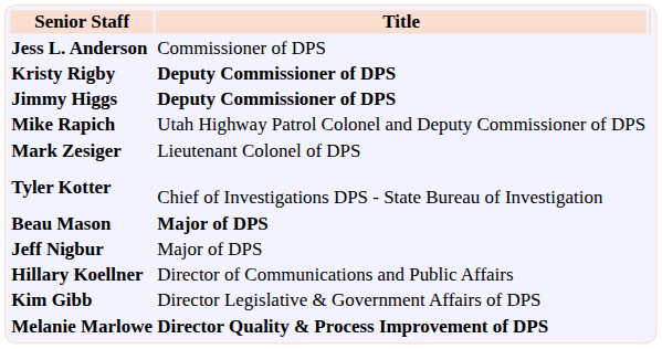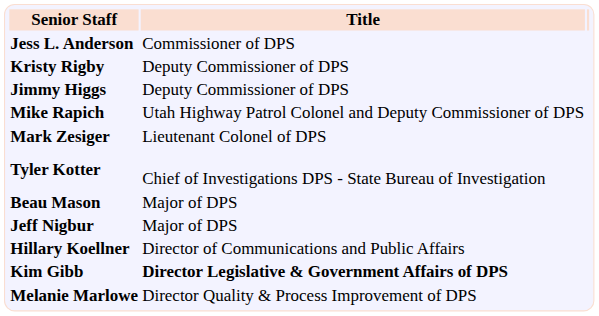 <table style="background:#f3f3ff; border:solid 1px #faded1; padding:2px; border-radius:10px;">
 <tr style="background:#faded1; padding:2px; border-radius:10px;">
 <th>Senior Staff</th>
 <th>Title</th>
 <th></th>
 </tr>
 <tr>
 <td><strong>Jess L. Anderson</strong></td>
 <td>Commissioner of DPS</td>
 </tr>
 <tr>
 <td><strong>Kristy Rigby</strong></td>
-<td><strong>Deputy Commissioner of DPS</strong></td>
+<td>Deputy Commissioner of DPS</td>
 </tr>
 <tr>
 <td><strong>Jimmy Higgs</strong></td>
-<td><strong>Deputy Commissioner of DPS</strong></td>
+<td>Deputy Commissioner of DPS</td>
 </tr>
 <tr>
 <td><strong>Mike Rapich</strong></td>
 <td>Utah Highway Patrol Colonel and Deputy Commissioner of DPS</td>
 </tr>
 <tr>
 <td><strong>Mark Zesiger</strong></td>
 <td>Lieutenant Colonel of DPS</td>
 </tr>
 <tr>
 <td><strong>Tyler Kotter</strong></td>
 <td><br>Chief of Investigations DPS - State Bureau of Investigation</td>
 </tr>
 <tr>
 <td><strong>Beau Mason</strong></td>
-<td><strong>Major of DPS</strong></td>
+<td>Major of DPS</td>
 </tr>
 <tr>
 <td><strong>Jeff Nigbur</strong></td>
 <td>Major of DPS</td>
 </tr>
 <tr>
 <td><strong>Hillary Koellner</strong></td>
 <td>Director of Communications and Public Affairs</td>
 </tr>
 <tr>
 <td><strong>Kim Gibb</strong></td>
-<td>Director Legislative & Government Affairs of DPS</td>
+<td><strong>Director Legislative & Government Affairs of DPS</strong></td>
 </tr>
 <tr>
 <td><strong>Melanie Marlowe</strong></td>
-<td><strong>Director Quality & Process Improvement of DPS</strong></td>
+<td>Director Quality & Process Improvement of DPS</td>
 </tr>
 </table>
